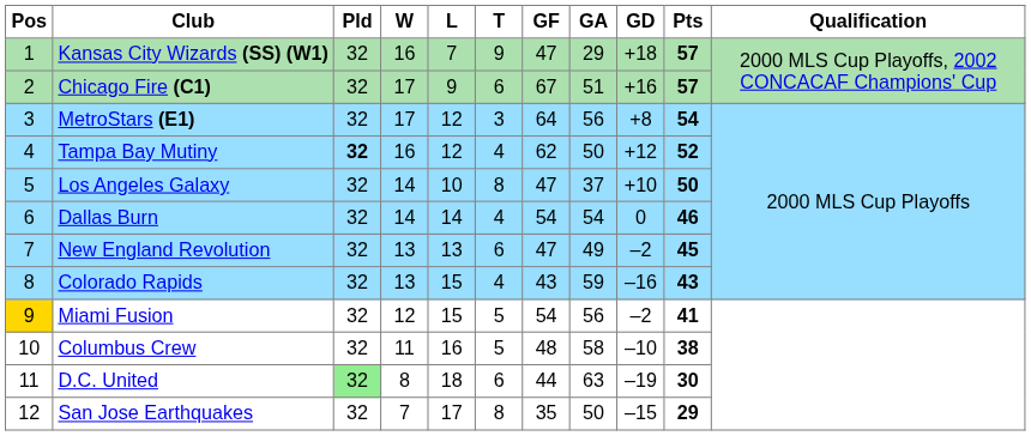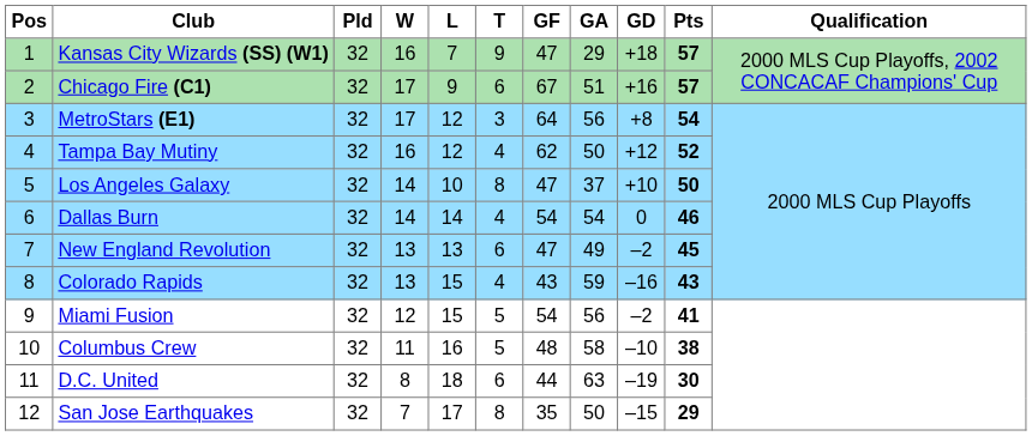 <table class="toccolours" border="1" cellpadding="4" cellspacing="0" style="text-align:center; border-collapse: collapse; margin:0;">
 <tr>
 <th width=30>Pos</th>
 <th>Club</th>
 <th width=30>Pld</th>
 <th width=30>W</th>
 <th width=30>L</th>
 <th width=30>T</th>
 <th width=30>GF</th>
 <th width=30>GA</th>
 <th width=30>GD</th>
 <th width=30>Pts</th>
 <th width=250>Qualification</th>
 </tr>
 <tr bgcolor=#ACE1AF>
 <td>1</td>
 <td align=left><a href='#'>Kansas City Wizards</a> <strong>(SS)</strong> <strong>(W1)</strong></td>
 <td>32</td>
 <td>16</td>
 <td>7</td>
 <td>9</td>
 <td>47</td>
 <td>29</td>
 <td>+18</td>
 <td><strong>57</strong></td>
 <td rowspan="2">2000 MLS Cup Playoffs, <a href='#'>2002 CONCACAF Champions' Cup</a></td>
 </tr>
 <tr bgcolor=#ACE1AF>
 <td>2</td>
 <td align=left><a href='#'>Chicago Fire</a> <strong>(C1)</strong></td>
 <td>32</td>
 <td>17</td>
 <td>9</td>
 <td>6</td>
 <td>67</td>
 <td>51</td>
 <td>+16</td>
 <td><strong>57</strong></td>
 </tr>
 <tr bgcolor=#97DEFF>
 <td>3</td>
 <td align=left><a href='#'>MetroStars</a> <strong>(E1)</strong></td>
 <td>32</td>
 <td>17</td>
 <td>12</td>
 <td>3</td>
 <td>64</td>
 <td>56</td>
 <td>+8</td>
 <td><strong>54</strong></td>
 <td rowspan="6">2000 MLS Cup Playoffs</td>
 </tr>
 <tr bgcolor=#97DEFF>
 <td>4</td>
 <td align=left><a href='#'>Tampa Bay Mutiny</a></td>
-<td><strong>32</strong></td>
+<td>32</td>
 <td>16</td>
 <td>12</td>
 <td>4</td>
 <td>62</td>
 <td>50</td>
 <td>+12</td>
 <td><strong>52</strong></td>
 </tr>
 <tr bgcolor=#97DEFF>
 <td>5</td>
 <td align=left><a href='#'>Los Angeles Galaxy</a></td>
 <td>32</td>
 <td>14</td>
 <td>10</td>
 <td>8</td>
 <td>47</td>
 <td>37</td>
 <td>+10</td>
 <td><strong>50</strong></td>
 </tr>
 <tr bgcolor=#97DEFF>
 <td>6</td>
 <td align=left><a href='#'>Dallas Burn</a></td>
 <td>32</td>
 <td>14</td>
 <td>14</td>
 <td>4</td>
 <td>54</td>
 <td>54</td>
 <td>0</td>
 <td><strong>46</strong></td>
 </tr>
 <tr bgcolor=#97DEFF>
 <td>7</td>
 <td align=left><a href='#'>New England Revolution</a></td>
 <td>32</td>
 <td>13</td>
 <td>13</td>
 <td>6</td>
 <td>47</td>
 <td>49</td>
 <td>–2</td>
 <td><strong>45</strong></td>
 </tr>
 <tr bgcolor=#97DEFF>
 <td>8</td>
 <td align=left><a href='#'>Colorado Rapids</a></td>
 <td>32</td>
 <td>13</td>
 <td>15</td>
 <td>4</td>
 <td>43</td>
 <td>59</td>
 <td>–16</td>
 <td><strong>43</strong></td>
 </tr>
 <tr>
-<td style="background: gold;">9</td>
+<td>9</td>
 <td align=left><a href='#'>Miami Fusion</a></td>
 <td>32</td>
 <td>12</td>
 <td>15</td>
 <td>5</td>
 <td>54</td>
 <td>56</td>
 <td>–2</td>
 <td><strong>41</strong></td>
 <td rowspan="4"> </td>
 </tr>
 <tr>
 <td>10</td>
 <td align=left><a href='#'>Columbus Crew</a></td>
 <td>32</td>
 <td>11</td>
 <td>16</td>
 <td>5</td>
 <td>48</td>
 <td>58</td>
 <td>–10</td>
 <td><strong>38</strong></td>
 </tr>
 <tr>
 <td>11</td>
 <td align=left><a href='#'>D.C. United</a></td>
-<td style="background: lightgreen;">32</td>
+<td>32</td>
 <td>8</td>
 <td>18</td>
 <td>6</td>
 <td>44</td>
 <td>63</td>
 <td>–19</td>
 <td><strong>30</strong></td>
 </tr>
 <tr>
 <td>12</td>
 <td align=left><a href='#'>San Jose Earthquakes</a></td>
 <td>32</td>
 <td>7</td>
 <td>17</td>
 <td>8</td>
 <td>35</td>
 <td>50</td>
 <td>–15</td>
 <td><strong>29</strong></td>
 </tr>
 </table>
